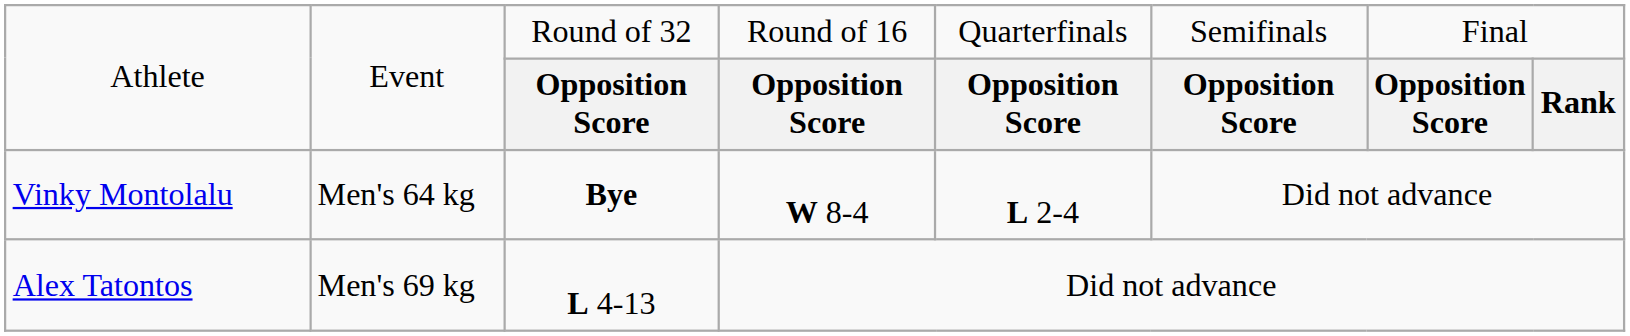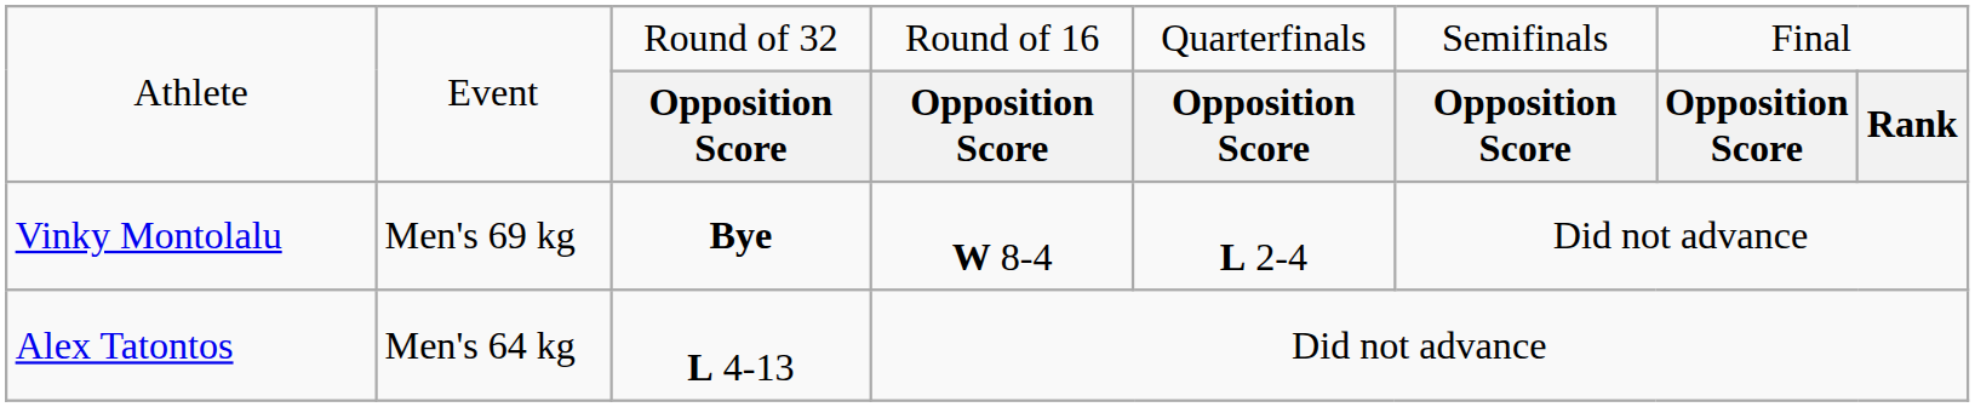 <table class=wikitable style="font-size:90%; text-align:center">
 <tr>
 <td rowspan="2" width="130">Athlete</td>
 <td rowspan="2" width="80">Event</td>
 <td width="90">Round of 32</td>
 <td width="90">Round of 16</td>
 <td width="90">Quarterfinals</td>
 <td width="90">Semifinals</td>
 <td colspan="2" width="100">Final</td>
 </tr>
 <tr>
 <th>Opposition<br>Score</th>
 <th>Opposition<br>Score</th>
 <th>Opposition<br>Score</th>
 <th>Opposition<br>Score</th>
 <th>Opposition<br>Score</th>
 <th>Rank</th>
 </tr>
 <tr>
 <td align=left><a href='#'>Vinky Montolalu</a></td>
-<td align=left>Men's 64 kg</td>
+<td align=left>Men's 69 kg</td>
 <td><strong>Bye</strong></td>
 <td> <br><strong>W</strong> 8-4</td>
 <td> <br><strong>L</strong> 2-4</td>
 <td colspan="3" align="center">Did not advance</td>
 </tr>
 <tr>
 <td align=left><a href='#'>Alex Tatontos</a></td>
-<td align=left>Men's 69 kg</td>
+<td align=left>Men's 64 kg</td>
 <td> <br><strong>L</strong> 4-13</td>
 <td colspan="5" align="center">Did not advance</td>
 </tr>
 </table>
